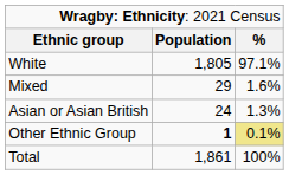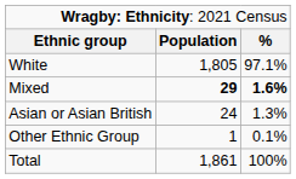 <table class="wikitable">
 <tr>
 <td colspan="14" style="text-align:right;"><strong>Wragby: Ethnicity</strong>: 2021 Census</td>
 </tr>
 <tr>
 <th>Ethnic group</th>
 <th>Population</th>
 <th>%</th>
 </tr>
 <tr>
 <td>White</td>
 <td style="text-align:right;">1,805</td>
 <td style="text-align:right;">97.1%</td>
 </tr>
 <tr>
 <td>Mixed</td>
-<td style="text-align:right;">29</td>
-<td style="text-align:right;">1.6%</td>
+<td style="text-align:right;"><strong>29</strong></td>
+<td style="text-align:right;"><strong>1.6%</strong></td>
 </tr>
 <tr>
 <td>Asian or Asian British</td>
 <td style="text-align:right;">24</td>
 <td style="text-align:right;">1.3%</td>
 </tr>
 <tr>
 <td>Other Ethnic Group</td>
-<td style="text-align:right;"><strong>1</strong></td>
-<td style="background: khaki; text-align:right;">0.1%</td>
+<td style="text-align:right;">1</td>
+<td style="text-align:right;">0.1%</td>
 </tr>
 <tr>
 <td>Total</td>
 <td style="text-align:right;">1,861</td>
 <td style="text-align:right;">100%</td>
 </tr>
 </table>
